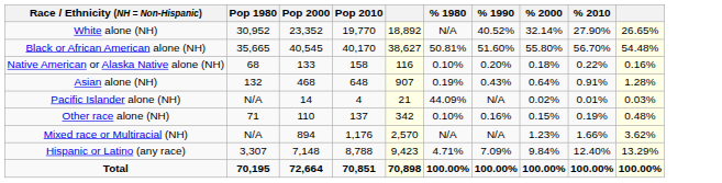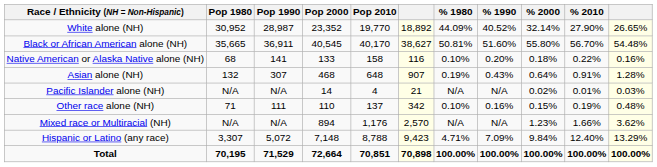 <table class="wikitable" style="text-align:center;">
 <tr>
 <th>Race / Ethnicity <small>(<em>NH = Non-Hispanic</em>)</small></th>
 <th>Pop 1980</th>
+<th>Pop 1990</th>
 <th>Pop 2000</th>
 <th>Pop 2010</th>
 <th></th>
 <th>% 1980</th>
 <th>% 1990</th>
 <th>% 2000</th>
 <th>% 2010</th>
 <th></th>
 </tr>
 <tr>
 <td><a href='#'>White</a> alone (NH)</td>
 <td>30,952</td>
+<td>28,987</td>
 <td>23,352</td>
 <td>19,770</td>
 <td style='background: #ffffe6;'>18,892</td>
-<td>N/A</td>
+<td>44.09%</td>
 <td>40.52%</td>
 <td>32.14%</td>
 <td>27.90%</td>
 <td style='background: #ffffe6;'>26.65%</td>
 </tr>
 <tr>
 <td><a href='#'>Black or African American</a> alone (NH)</td>
 <td>35,665</td>
+<td>36,911</td>
 <td>40,545</td>
 <td>40,170</td>
 <td style='background: #ffffe6;'>38,627</td>
 <td>50.81%</td>
 <td>51.60%</td>
 <td>55.80%</td>
 <td>56.70%</td>
 <td style='background: #ffffe6;'>54.48%</td>
 </tr>
 <tr>
 <td><a href='#'>Native American</a> or <a href='#'>Alaska Native</a> alone (NH)</td>
 <td>68</td>
+<td>141</td>
 <td>133</td>
 <td>158</td>
 <td style='background: #ffffe6;'>116</td>
 <td>0.10%</td>
 <td>0.20%</td>
 <td>0.18%</td>
 <td>0.22%</td>
 <td style='background: #ffffe6;'>0.16%</td>
 </tr>
 <tr>
 <td><a href='#'>Asian</a> alone (NH)</td>
 <td>132</td>
+<td>307</td>
 <td>468</td>
 <td>648</td>
 <td style='background: #ffffe6;'>907</td>
 <td>0.19%</td>
 <td>0.43%</td>
 <td>0.64%</td>
 <td>0.91%</td>
 <td style='background: #ffffe6;'>1.28%</td>
 </tr>
 <tr>
 <td><a href='#'>Pacific Islander</a> alone (NH)</td>
 <td>N/A</td>
+<td>N/A</td>
 <td>14</td>
 <td>4</td>
 <td style='background: #ffffe6;'>21</td>
-<td>44.09%</td>
+<td>N/A</td>
 <td>N/A</td>
 <td>0.02%</td>
 <td>0.01%</td>
 <td style='background: #ffffe6;'>0.03%</td>
 </tr>
 <tr>
 <td><a href='#'>Other race</a> alone (NH)</td>
 <td>71</td>
+<td>111</td>
 <td>110</td>
 <td>137</td>
 <td style='background: #ffffe6;'>342</td>
 <td>0.10%</td>
 <td>0.16%</td>
 <td>0.15%</td>
 <td>0.19%</td>
 <td style='background: #ffffe6;'>0.48%</td>
 </tr>
 <tr>
 <td><a href='#'>Mixed race or Multiracial</a> (NH)</td>
+<td>N/A</td>
 <td>N/A</td>
 <td>894</td>
 <td>1,176</td>
 <td style='background: #ffffe6;'>2,570</td>
 <td>N/A</td>
 <td>N/A</td>
 <td>1.23%</td>
 <td>1.66%</td>
 <td style='background: #ffffe6;'>3.62%</td>
 </tr>
 <tr>
 <td><a href='#'>Hispanic or Latino</a> (any race)</td>
 <td>3,307</td>
+<td>5,072</td>
 <td>7,148</td>
 <td>8,788</td>
 <td style='background: #ffffe6;'>9,423</td>
 <td>4.71%</td>
 <td>7.09%</td>
 <td>9.84%</td>
 <td>12.40%</td>
 <td style='background: #ffffe6;'>13.29%</td>
 </tr>
 <tr>
 <td><strong>Total</strong></td>
 <td><strong>70,195</strong></td>
+<td><strong>71,529</strong></td>
 <td><strong>72,664</strong></td>
 <td><strong>70,851</strong></td>
 <td style='background: #ffffe6;'><strong>70,898</strong></td>
 <td><strong>100.00%</strong></td>
 <td><strong>100.00%</strong></td>
 <td><strong>100.00%</strong></td>
 <td><strong>100.00%</strong></td>
 <td style='background: #ffffe6;'><strong>100.00%</strong></td>
 </tr>
 </table>
